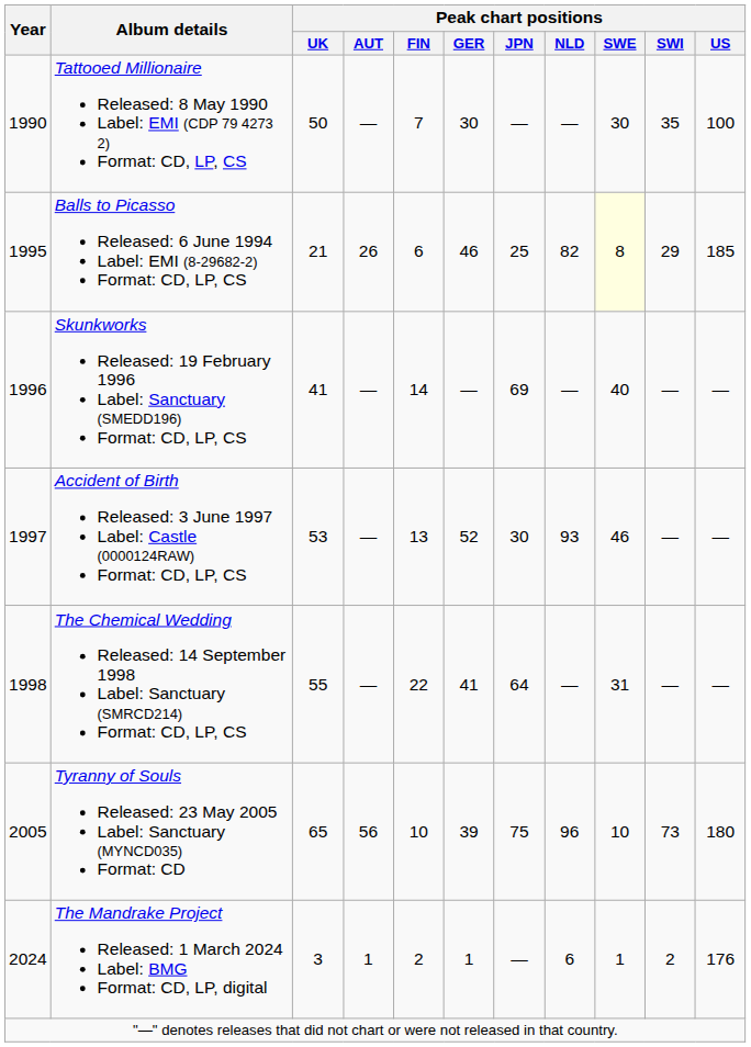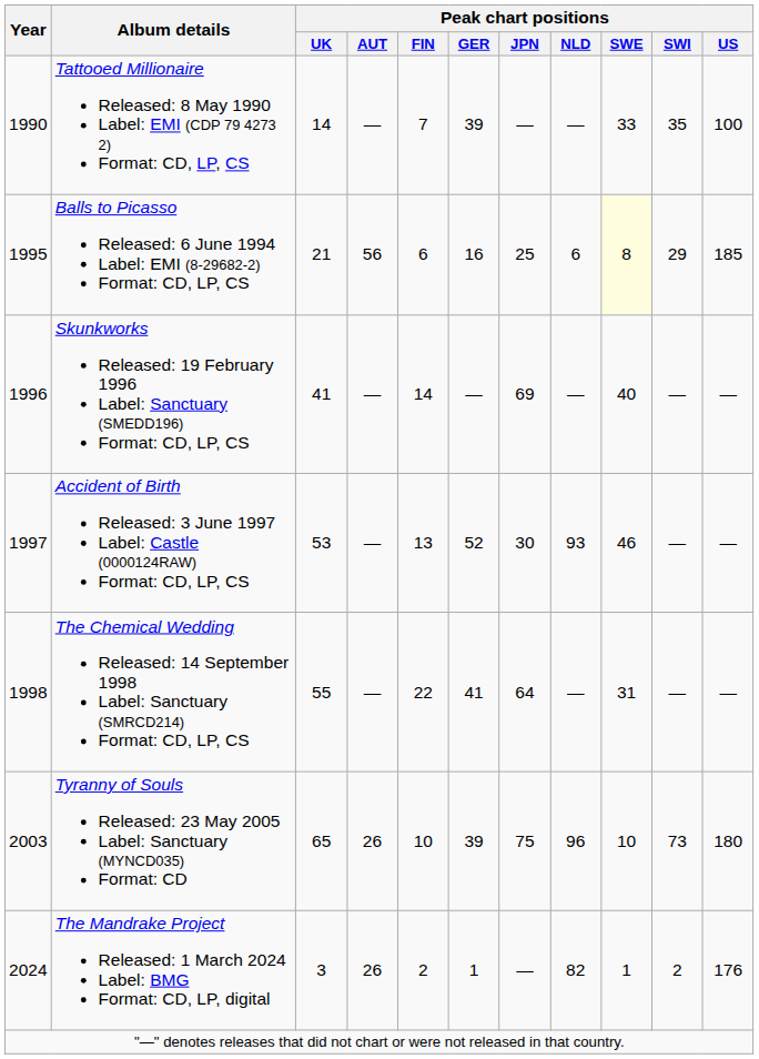 <table class="wikitable" border="1">
 <tr>
 <th scope="col" rowspan=2>Year</th>
 <th scope="col" rowspan=2 width="220">Album details</th>
 <th scope="col" colspan=9>Peak chart positions</th>
 </tr>
 <tr>
 <th scope="col" style="width:3em;font-size:85%"><a href='#'>UK</a><br></th>
 <th scope="col" style="width:3em;font-size:85%"><a href='#'>AUT</a><br></th>
 <th scope="col" style="width:3em;font-size:85%"><a href='#'>FIN</a><br></th>
 <th scope="col" style="width:3em;font-size:85%"><a href='#'>GER</a><br></th>
 <th scope="col" style="width:3em;font-size:85%"><a href='#'>JPN</a><br></th>
 <th scope="col" style="width:3em;font-size:85%"><a href='#'>NLD</a><br></th>
 <th scope="col" style="width:3em;font-size:85%"><a href='#'>SWE</a><br></th>
 <th scope="col" style="width:3em;font-size:85%"><a href='#'>SWI</a><br></th>
 <th scope="col" style="width:3em;font-size:85%"><a href='#'>US</a><br></th>
 </tr>
 <tr>
 <td>1990</td>
 <td><em><a href='#'>Tattooed Millionaire</a></em><br><ul><li>Released: 8 May 1990</li><li>Label: <a href='#'>EMI</a> <small>(CDP 79 4273 2)</small></li><li>Format: CD, <a href='#'>LP</a>, <a href='#'>CS</a></li></ul></td>
-<td align="center">50</td>
+<td align="center">14</td>
 <td align="center">—</td>
 <td align="center">7</td>
-<td align="center">30</td>
+<td align="center">39</td>
 <td align="center">—</td>
 <td align="center">—</td>
-<td align="center">30</td>
+<td align="center">33</td>
 <td align="center">35</td>
 <td align="center">100</td>
 </tr>
 <tr>
 <td>1995</td>
 <td><em><a href='#'>Balls to Picasso</a></em><br><ul><li>Released: 6 June 1994</li><li>Label: EMI <small>(8-29682-2)</small></li><li>Format: CD, LP, CS</li></ul></td>
 <td align="center">21</td>
-<td align="center">26</td>
+<td align="center">56</td>
 <td align="center">6</td>
-<td align="center">46</td>
+<td align="center">16</td>
 <td align="center">25</td>
-<td align="center">82</td>
+<td align="center">6</td>
 <td align="center" style="background: lightyellow;">8</td>
 <td align="center">29</td>
 <td align="center">185</td>
 </tr>
 <tr>
 <td>1996</td>
 <td><em><a href='#'>Skunkworks</a></em><br><ul><li>Released: 19 February 1996</li><li>Label: <a href='#'>Sanctuary</a> <small>(SMEDD196)</small></li><li>Format: CD, LP, CS</li></ul></td>
 <td align="center">41</td>
 <td align="center">—</td>
 <td align="center">14</td>
 <td align="center">—</td>
 <td align="center">69</td>
 <td align="center">—</td>
 <td align="center">40</td>
 <td align="center">—</td>
 <td align="center">—</td>
 </tr>
 <tr>
 <td>1997</td>
 <td><em><a href='#'>Accident of Birth</a></em><br><ul><li>Released: 3 June 1997</li><li>Label: <a href='#'>Castle</a> <small>(0000124RAW)</small></li><li>Format: CD, LP, CS</li></ul></td>
 <td align="center">53</td>
 <td align="center">—</td>
 <td align="center">13</td>
 <td align="center">52</td>
 <td align="center">30</td>
 <td align="center">93</td>
 <td align="center">46</td>
 <td align="center">—</td>
 <td align="center">—</td>
 </tr>
 <tr>
 <td>1998</td>
 <td><em><a href='#'>The Chemical Wedding</a></em><br><ul><li>Released: 14 September 1998</li><li>Label: Sanctuary <small>(SMRCD214)</small></li><li>Format: CD, LP, CS</li></ul></td>
 <td align="center">55</td>
 <td align="center">—</td>
 <td align="center">22</td>
 <td align="center">41</td>
 <td align="center">64</td>
 <td align="center">—</td>
 <td align="center">31</td>
 <td align="center">—</td>
 <td align="center">—</td>
 </tr>
 <tr>
-<td>2005</td>
+<td>2003</td>
 <td><em><a href='#'>Tyranny of Souls</a></em><br><ul><li>Released: 23 May 2005</li><li>Label: Sanctuary <small>(MYNCD035)</small></li><li>Format: CD</li></ul></td>
 <td align="center">65</td>
-<td align="center">56</td>
+<td align="center">26</td>
 <td align="center">10</td>
 <td align="center">39</td>
 <td align="center">75</td>
 <td align="center">96</td>
 <td align="center">10</td>
 <td align="center">73</td>
 <td align="center">180</td>
 </tr>
 <tr>
 <td>2024</td>
 <td><em><a href='#'>The Mandrake Project</a></em><br><ul><li>Released: 1 March 2024</li><li>Label: <a href='#'>BMG</a></li><li>Format: CD, LP, digital</li></ul></td>
 <td align="center">3</td>
-<td align="center">1<br></td>
+<td align="center">26</td>
 <td align="center">2<br></td>
 <td align="center">1</td>
 <td align="center">—</td>
-<td align="center">6</td>
+<td align="center">82</td>
 <td align="center">1<br></td>
 <td align="center">2<br></td>
 <td align="center">176</td>
 </tr>
 <tr>
 <td align="center" colspan=12 style="font-size:85%">"—" denotes releases that did not chart or were not released in that country.</td>
 </tr>
 </table>
